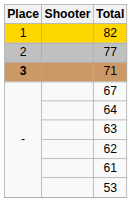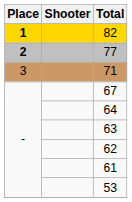 <table class=wikitable style="text-align:center">
 <tr>
 <th>Place</th>
 <th>Shooter</th>
 <th>Total</th>
 </tr>
 <tr align=center bgcolor=gold>
-<td>1</td>
+<td><strong>1</strong></td>
 <td align=left></td>
 <td>82</td>
 </tr>
 <tr align=center bgcolor=silver>
-<td>2</td>
+<td><strong>2</strong></td>
 <td align=left></td>
 <td>77</td>
 </tr>
 <tr align=center bgcolor=cc9966>
-<td><strong>3</strong></td>
+<td>3</td>
 <td align=left></td>
 <td>71</td>
 </tr>
 <tr>
 <td rowspan=6>-</td>
 <td align=left></td>
 <td>67</td>
 </tr>
 <tr>
 <td align=left></td>
 <td>64</td>
 </tr>
 <tr>
 <td align=left></td>
 <td>63</td>
 </tr>
 <tr>
 <td align=left></td>
 <td>62</td>
 </tr>
 <tr>
 <td align=left></td>
 <td>61</td>
 </tr>
 <tr>
 <td align=left></td>
 <td>53</td>
 </tr>
 <tr>
 </tr>
 </table>
